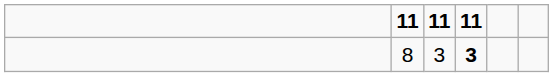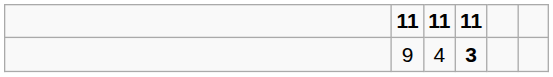 <table class="wikitable">
 <tr>
 <td style="width:18em"></td>
 <td align=center style="width:1em"><strong>11</strong></td>
 <td align=center style="width:1em"><strong>11</strong></td>
 <td align=center style="width:1em"><strong>11</strong></td>
 <td align=center style="width:1em"></td>
 <td align=center style="width:1em"></td>
 </tr>
 <tr>
 <td style="width:18em"></td>
-<td align=center style="width:1em">8</td>
-<td align=center style="width:1em">3</td>
+<td align=center style="width:1em">9</td>
+<td align=center style="width:1em">4</td>
 <td align=center style="width:1em"><strong>3</strong></td>
 <td align=center style="width:1em"></td>
 <td align=center style="width:1em"></td>
 </tr>
 </table>
